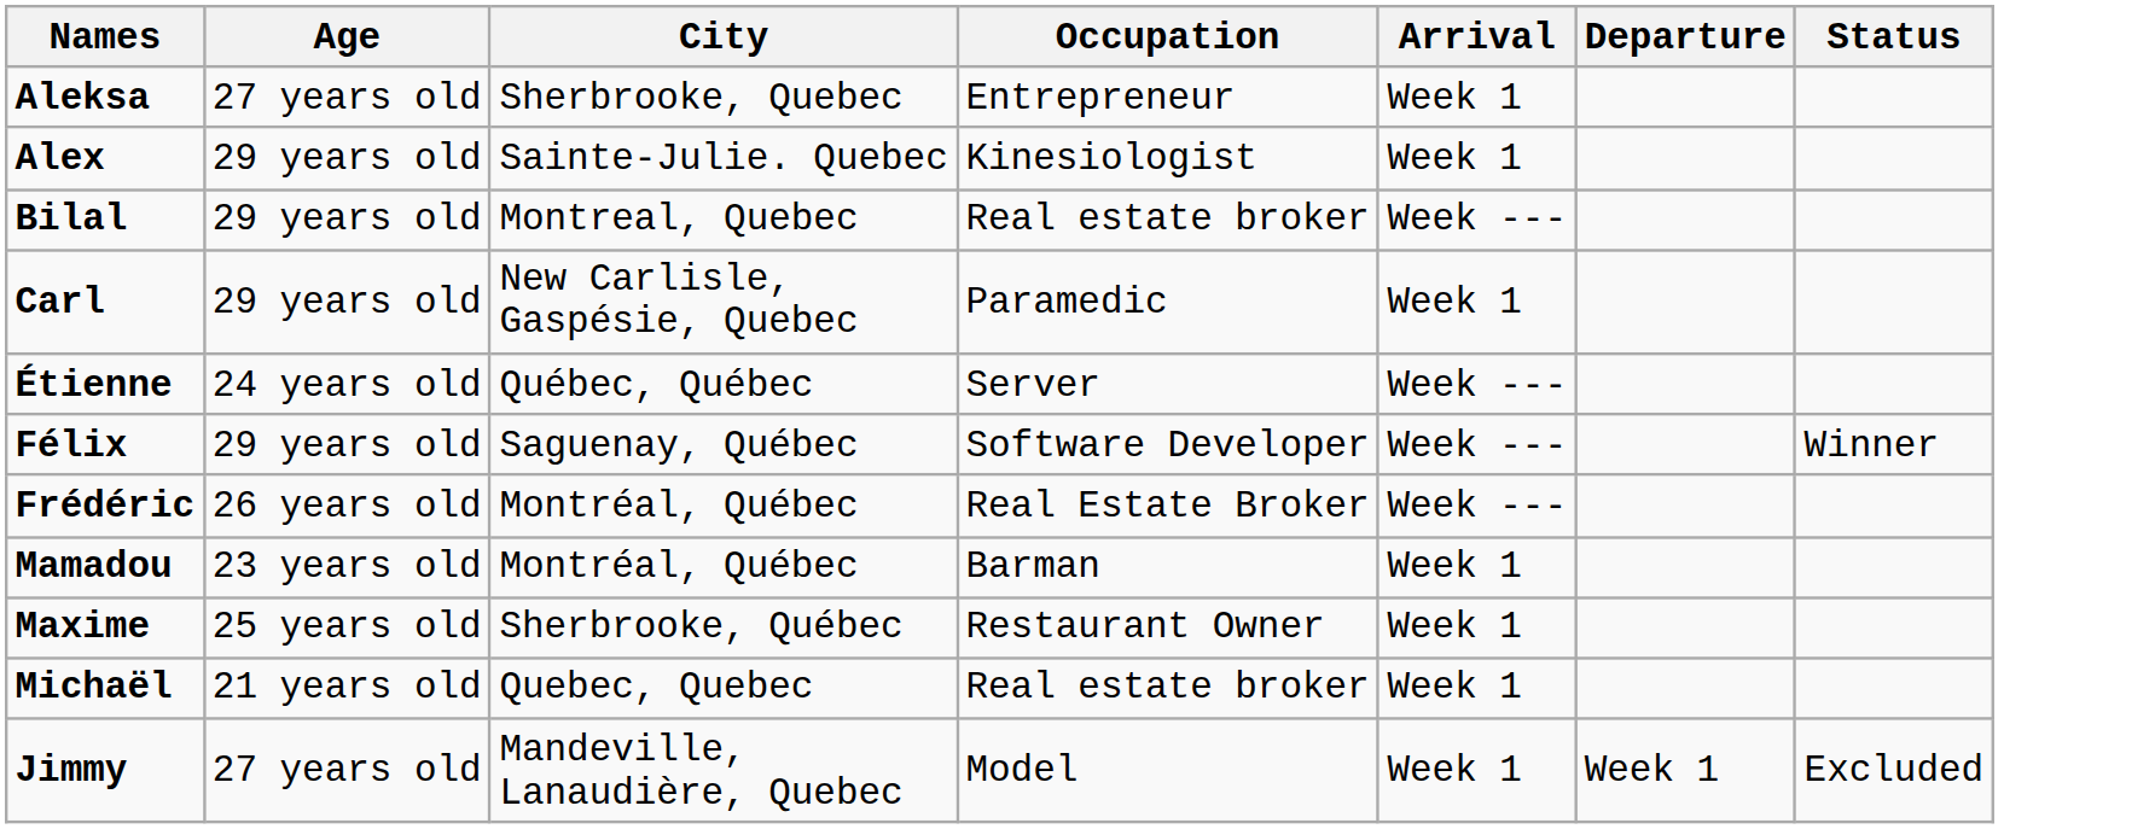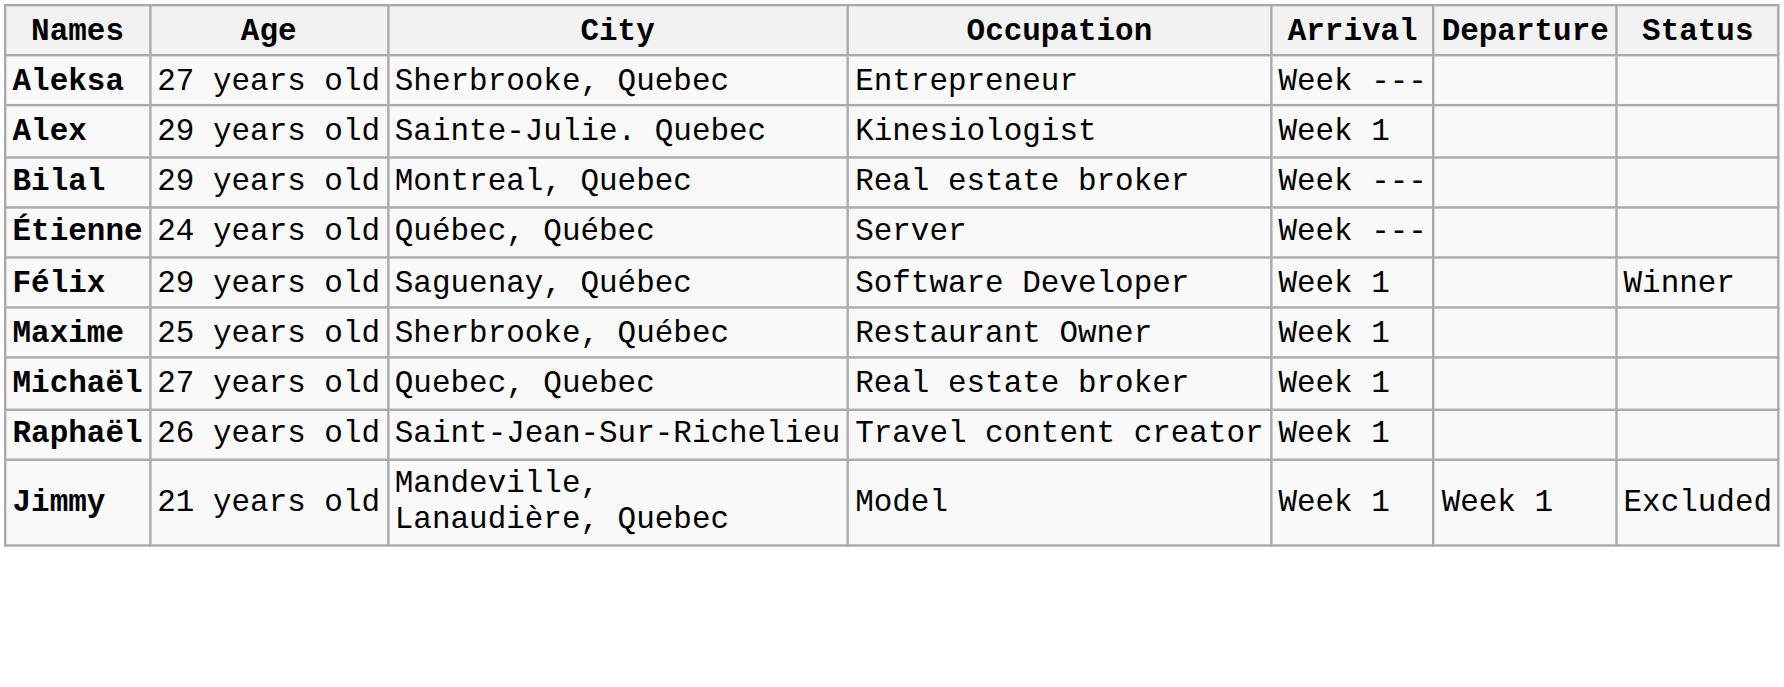 <table class="wikitable">
 <tr>
 <th>Names</th>
 <th>Age</th>
 <th>City</th>
 <th>Occupation</th>
 <th>Arrival</th>
 <th>Departure</th>
 <th>Status</th>
 </tr>
 <tr>
 <td><strong>Aleksa</strong></td>
 <td>27 years old</td>
 <td>Sherbrooke, Quebec</td>
 <td>Entrepreneur</td>
-<td>Week 1</td>
+<td>Week ---</td>
 <td></td>
 <td></td>
 </tr>
 <tr>
 <td><strong>Alex</strong></td>
 <td>29 years old</td>
 <td>Sainte-Julie. Quebec</td>
 <td>Kinesiologist</td>
 <td>Week 1</td>
 <td></td>
 <td></td>
 </tr>
 <tr>
 <td><strong>Bilal</strong></td>
 <td>29 years old</td>
 <td>Montreal, Quebec</td>
 <td>Real estate broker</td>
 <td>Week ---</td>
 <td></td>
 <td></td>
 </tr>
 <tr>
-<td><strong>Carl</strong></td>
-<td>29 years old</td>
-<td>New Carlisle,<br>Gaspésie, Quebec</td>
-<td>Paramedic</td>
-<td>Week 1</td>
-<td></td>
-<td></td>
-</tr>
-<tr>
 <td><strong>Étienne</strong></td>
 <td>24 years old</td>
 <td>Québec, Québec</td>
 <td>Server</td>
 <td>Week ---</td>
 <td></td>
 <td></td>
 </tr>
 <tr>
 <td><strong>Félix</strong></td>
 <td>29 years old</td>
 <td>Saguenay, Québec</td>
 <td>Software Developer</td>
-<td>Week ---</td>
+<td>Week 1</td>
 <td></td>
 <td>Winner</td>
-</tr>
-<tr>
-<td><strong>Frédéric</strong></td>
-<td>26 years old</td>
-<td>Montréal, Québec</td>
-<td>Real Estate Broker</td>
-<td>Week ---</td>
-<td></td>
-<td></td>
-</tr>
-<tr>
-<td><strong>Mamadou</strong></td>
-<td>23 years old</td>
-<td>Montréal, Québec</td>
-<td>Barman</td>
-<td>Week 1</td>
-<td></td>
-<td></td>
 </tr>
 <tr>
 <td><strong>Maxime</strong></td>
 <td>25 years old</td>
 <td>Sherbrooke, Québec</td>
 <td>Restaurant Owner</td>
 <td>Week 1</td>
 <td></td>
 <td></td>
 </tr>
 <tr>
 <td><strong>Michaël</strong></td>
-<td>21 years old</td>
+<td>27 years old</td>
 <td>Quebec, Quebec</td>
 <td>Real estate broker</td>
 <td>Week 1</td>
 <td></td>
 <td></td>
 </tr>
 <tr>
+<td><strong>Raphaël</strong></td>
+<td>26 years old</td>
+<td>Saint-Jean-Sur-Richelieu</td>
+<td>Travel content creator</td>
+<td>Week 1</td>
+<td></td>
+<td></td>
+</tr>
+<tr>
 <td><strong>Jimmy</strong></td>
-<td>27 years old</td>
+<td>21 years old</td>
 <td>Mandeville,<br>Lanaudière, Quebec</td>
 <td>Model</td>
 <td>Week 1</td>
 <td>Week 1</td>
 <td>Excluded</td>
 </tr>
 </table>
